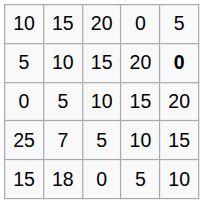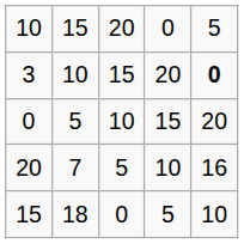 <table class="wikitable" style="margin-left:auto;margin-right:auto;text-align:center;width:10em;height:10em;table-layout:fixed;">
 <tr>
 <td>10</td>
 <td>15</td>
 <td>20</td>
 <td>0</td>
 <td>5</td>
 </tr>
 <tr>
-<td>5</td>
+<td>3</td>
 <td>10</td>
 <td>15</td>
 <td>20</td>
 <td><strong>0</strong></td>
 </tr>
 <tr>
 <td>0</td>
 <td>5</td>
 <td>10</td>
 <td>15</td>
 <td>20</td>
 </tr>
 <tr>
-<td>25</td>
+<td>20</td>
 <td>7</td>
 <td>5</td>
 <td>10</td>
-<td>15</td>
+<td>16</td>
 </tr>
 <tr>
 <td>15</td>
 <td>18</td>
 <td>0</td>
 <td>5</td>
 <td>10</td>
 </tr>
 </table>
